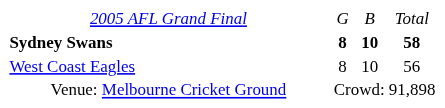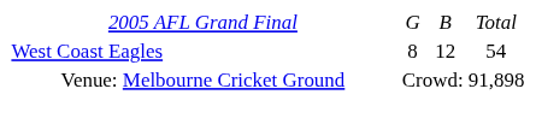 <table style="margin-right:4px; margin-top:8px; float:right; border:1px No. 000 solid; border-radius:8px; background:#fff; font-family:Verdana; font-size:8pt; text-align:center;">
 <tr>
 <td width=200><em><a href='#'>2005 AFL Grand Final</a></em></td>
 <td><em>G</em></td>
 <td><em>B</em></td>
 <td><em>Total</em></td>
 </tr>
 <tr>
-<td style="text-align:left"><strong>Sydney Swans</strong></td>
-<td><strong>8</strong></td>
-<td><strong>10</strong></td>
-<td><strong>58</strong></td>
-</tr>
-<tr>
 <td style="text-align:left"><a href='#'>West Coast Eagles</a></td>
 <td>8</td>
-<td>10</td>
-<td>56</td>
+<td>12</td>
+<td>54</td>
 </tr>
 <tr>
 <td>Venue: <a href='#'>Melbourne Cricket Ground</a></td>
 <td colspan=3>Crowd: 91,898</td>
 </tr>
 </table>
